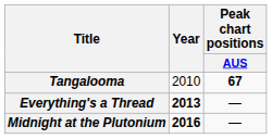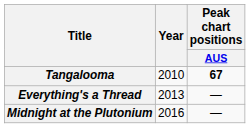 <table class="wikitable plainrowheaders" style="text-align:center;" border="1">
 <tr>
 <th scope="col" rowspan="2">Title</th>
 <th scope="col" rowspan="2">Year</th>
 <th scope="col" colspan="1">Peak chart positions</th>
 </tr>
 <tr>
 <th scope="col" style="width:3em;font-size:90%;"><a href='#'>AUS</a><br></th>
 </tr>
 <tr>
 <th scope="row"><em>Tangalooma</em></th>
 <td>2010</td>
 <td><strong>67</strong></td>
 </tr>
 <tr>
 <th scope="row"><em>Everything's a Thread</em></th>
-<td><strong>2013</strong></td>
+<td>2013</td>
 <td>—</td>
 </tr>
 <tr>
 <th scope="row"><em>Midnight at the Plutonium</em></th>
-<td><strong>2016</strong></td>
+<td>2016</td>
 <td>—</td>
 </tr>
 </table>
